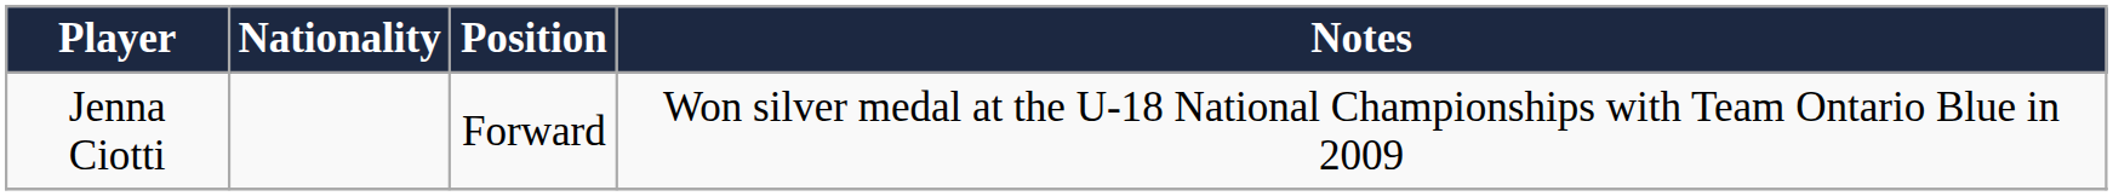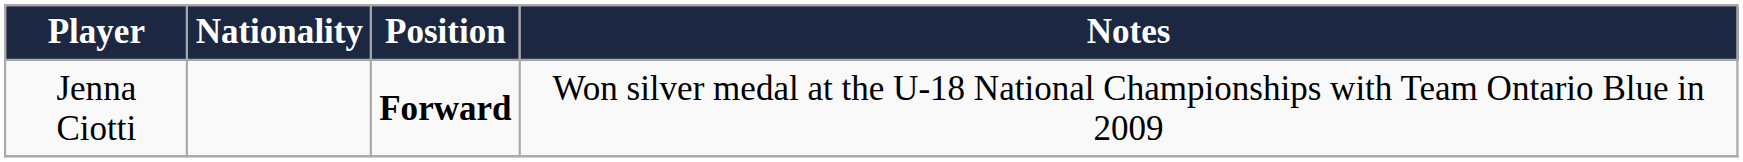 <table class="wikitable" width="50%">
 <tr align="center"  style=" background:#1c2841; color:white;">
 <td><strong>Player</strong></td>
 <td><strong>Nationality</strong></td>
 <td><strong>Position</strong></td>
 <td><strong>Notes</strong></td>
 </tr>
 <tr align="center" bgcolor="">
 <td>Jenna Ciotti</td>
 <td></td>
-<td>Forward</td>
+<td><strong>Forward</strong></td>
 <td>Won silver medal at the U-18 National Championships with Team Ontario Blue in 2009</td>
 </tr>
 <tr align="center" bgcolor="">
 </tr>
 </table>
